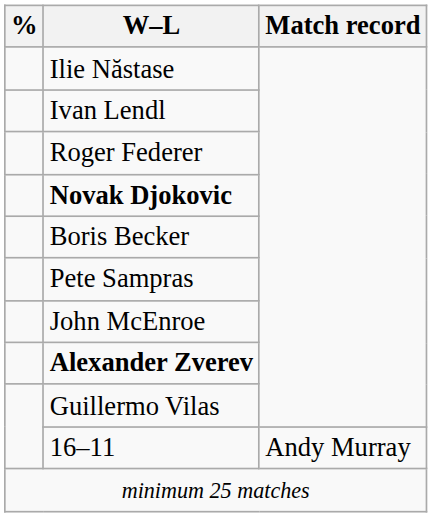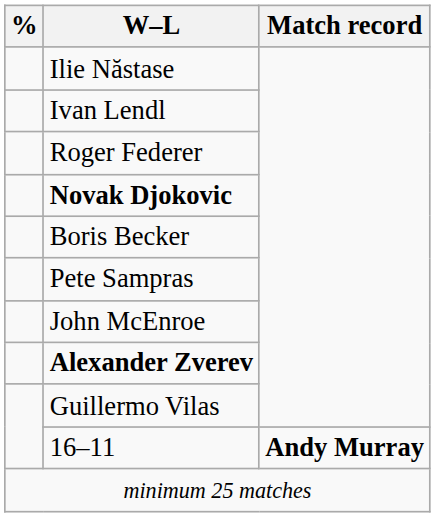 <table class="wikitable" style="display:inline-table;">
 <tr>
 <th>%</th>
 <th>W–L</th>
 <th>Match record</th>
 </tr>
 <tr>
 <td></td>
 <td> Ilie Năstase</td>
 </tr>
 <tr>
 <td></td>
 <td> Ivan Lendl</td>
 </tr>
 <tr>
 <td></td>
 <td> Roger Federer</td>
 </tr>
 <tr>
 <td></td>
 <td> <strong>Novak Djokovic</strong></td>
 </tr>
 <tr>
 <td></td>
 <td> Boris Becker</td>
 </tr>
 <tr>
 <td></td>
 <td> Pete Sampras</td>
 </tr>
 <tr>
 <td></td>
 <td> John McEnroe</td>
 </tr>
 <tr>
 <td></td>
 <td> <strong>Alexander Zverev</strong></td>
 </tr>
 <tr>
 <td rowspan="2"></td>
 <td> Guillermo Vilas</td>
 </tr>
 <tr>
 <td>16–11</td>
-<td>  Andy Murray</td>
+<td><strong>  Andy Murray</strong></td>
 </tr>
 <tr>
 <td colspan="3" style="text-align: center;"><small><em>minimum 25 matches</em></small></td>
 </tr>
 </table>
